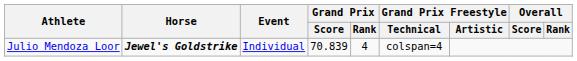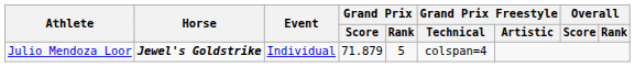 <table class=wikitable style="font-size:90%; text-align:center;">
 <tr>
 <th rowspan=2>Athlete</th>
 <th rowspan=2>Horse</th>
 <th rowspan=2>Event</th>
 <th colspan=2>Grand Prix</th>
 <th colspan=2>Grand Prix Freestyle</th>
 <th colspan=2>Overall</th>
 </tr>
 <tr style=font-size:95%>
 <th>Score</th>
 <th>Rank</th>
 <th>Technical</th>
 <th>Artistic</th>
 <th>Score</th>
 <th>Rank</th>
 </tr>
 <tr>
 <td align=left><a href='#'>Julio Mendoza Loor</a></td>
 <td align=left><strong><em>Jewel's Goldstrike</em></strong></td>
 <td align=left><a href='#'>Individual</a></td>
-<td>70.839</td>
-<td>4</td>
+<td>71.879</td>
+<td>5</td>
 <td>colspan=4 </td>
 </tr>
 </table>
